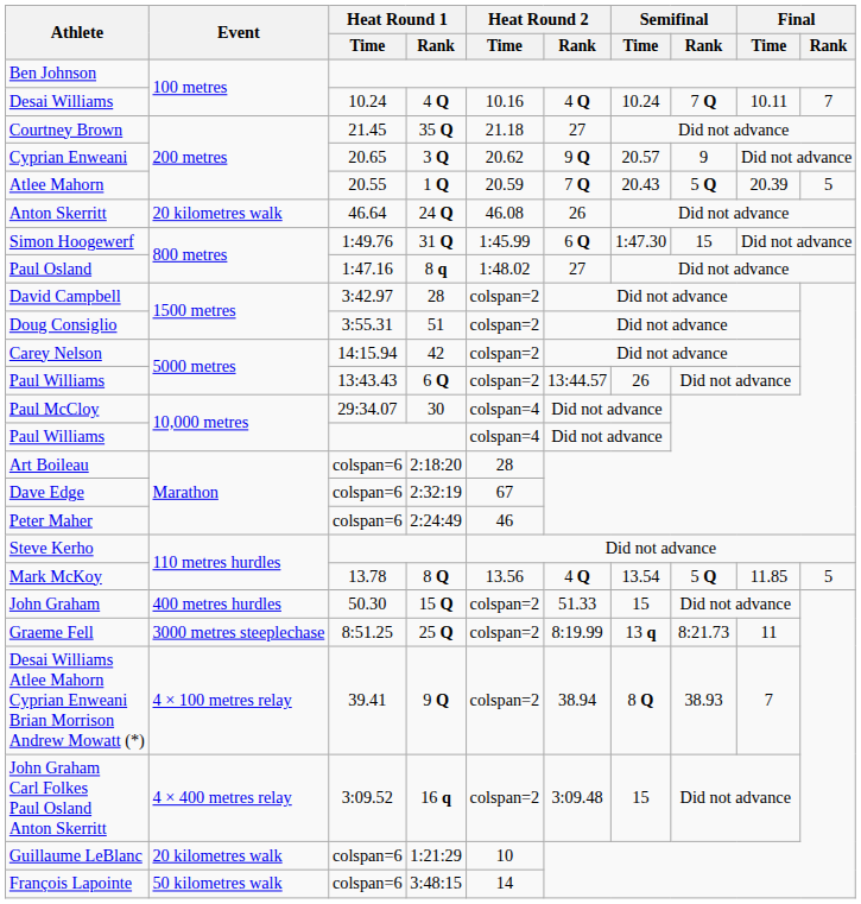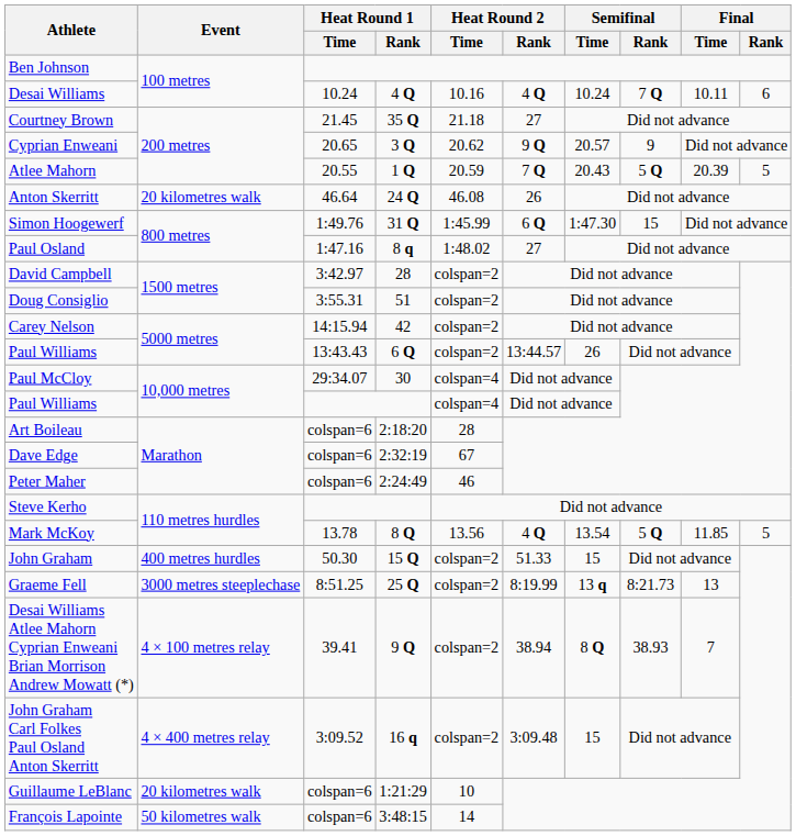 <table class=wikitable style="font-size:90%; text-align:center">
 <tr>
 <th rowspan=2>Athlete</th>
 <th rowspan=2>Event</th>
 <th colspan=2>Heat Round 1</th>
 <th colspan=2>Heat Round 2</th>
 <th colspan=2>Semifinal</th>
 <th colspan=2>Final</th>
 </tr>
 <tr style=font-size:95%>
 <th>Time</th>
 <th>Rank</th>
 <th>Time</th>
 <th>Rank</th>
 <th>Time</th>
 <th>Rank</th>
 <th>Time</th>
 <th>Rank</th>
 </tr>
 <tr align=center>
 <td align=left><a href='#'>Ben Johnson</a></td>
 <td align=left rowspan=2><a href='#'>100 metres</a></td>
 <td colspan=8></td>
 </tr>
 <tr align=center>
 <td align=left><a href='#'>Desai Williams</a></td>
 <td>10.24</td>
 <td>4 <strong>Q</strong></td>
 <td>10.16</td>
 <td>4 <strong>Q</strong></td>
 <td>10.24</td>
 <td>7 <strong>Q</strong></td>
 <td>10.11</td>
-<td>7</td>
+<td>6</td>
 </tr>
 <tr align=center>
 <td align=left><a href='#'>Courtney Brown</a></td>
 <td align=left rowspan=3><a href='#'>200 metres</a></td>
 <td>21.45</td>
 <td>35 <strong>Q</strong></td>
 <td>21.18</td>
 <td>27</td>
 <td colspan=4>Did not advance</td>
 </tr>
 <tr align=center>
 <td align=left><a href='#'>Cyprian Enweani</a></td>
 <td>20.65</td>
 <td>3 <strong>Q</strong></td>
 <td>20.62</td>
 <td>9 <strong>Q</strong></td>
 <td>20.57</td>
 <td>9</td>
 <td colspan=2>Did not advance</td>
 </tr>
 <tr align=center>
 <td align=left><a href='#'>Atlee Mahorn</a></td>
 <td>20.55</td>
 <td>1 <strong>Q</strong></td>
 <td>20.59</td>
 <td>7 <strong>Q</strong></td>
 <td>20.43</td>
 <td>5 <strong>Q</strong></td>
 <td>20.39</td>
 <td>5</td>
 </tr>
 <tr align=center>
 <td align=left><a href='#'>Anton Skerritt</a></td>
 <td align=left><a href='#'>20 kilometres walk</a></td>
 <td>46.64</td>
 <td>24 <strong>Q</strong></td>
 <td>46.08</td>
 <td>26</td>
 <td colspan=4>Did not advance</td>
 </tr>
 <tr align=center>
 <td align=left><a href='#'>Simon Hoogewerf</a></td>
 <td align=left rowspan=2><a href='#'>800 metres</a></td>
 <td>1:49.76</td>
 <td>31 <strong>Q</strong></td>
 <td>1:45.99</td>
 <td>6 <strong>Q</strong></td>
 <td>1:47.30</td>
 <td>15</td>
 <td colspan=2>Did not advance</td>
 </tr>
 <tr align=center>
 <td align=left><a href='#'>Paul Osland</a></td>
 <td>1:47.16</td>
 <td>8 <strong>q</strong></td>
 <td>1:48.02</td>
 <td>27</td>
 <td colspan=4>Did not advance</td>
 </tr>
 <tr align=center>
 <td align=left><a href='#'>David Campbell</a></td>
 <td align=left rowspan=2><a href='#'>1500 metres</a></td>
 <td>3:42.97</td>
 <td>28</td>
 <td>colspan=2</td>
 <td colspan=4>Did not advance</td>
 </tr>
 <tr align=center>
 <td align=left><a href='#'>Doug Consiglio</a></td>
 <td>3:55.31</td>
 <td>51</td>
 <td>colspan=2</td>
 <td colspan=4>Did not advance</td>
 </tr>
 <tr align=center>
 <td align=left><a href='#'>Carey Nelson</a></td>
 <td align=left rowspan=2><a href='#'>5000 metres</a></td>
 <td>14:15.94</td>
 <td>42</td>
 <td>colspan=2</td>
 <td colspan=4>Did not advance</td>
 </tr>
 <tr align=center>
 <td align=left><a href='#'>Paul Williams</a></td>
 <td>13:43.43</td>
 <td>6 <strong>Q</strong></td>
 <td>colspan=2</td>
 <td>13:44.57</td>
 <td>26</td>
 <td colspan=2>Did not advance</td>
 </tr>
 <tr align=center>
 <td align=left><a href='#'>Paul McCloy</a></td>
 <td align=left rowspan=2><a href='#'>10,000 metres</a></td>
 <td>29:34.07</td>
 <td>30</td>
 <td>colspan=4</td>
 <td colspan=2>Did not advance</td>
 </tr>
 <tr align=center>
 <td align=left><a href='#'>Paul Williams</a></td>
 <td colspan=2></td>
 <td>colspan=4</td>
 <td colspan=2>Did not advance</td>
 </tr>
 <tr align=center>
 <td align=left><a href='#'>Art Boileau</a></td>
 <td align=left rowspan=3><a href='#'>Marathon</a></td>
 <td>colspan=6</td>
 <td>2:18:20</td>
 <td>28</td>
 </tr>
 <tr align=center>
 <td align=left><a href='#'>Dave Edge</a></td>
 <td>colspan=6</td>
 <td>2:32:19</td>
 <td>67</td>
 </tr>
 <tr align=center>
 <td align=left><a href='#'>Peter Maher</a></td>
 <td>colspan=6</td>
 <td>2:24:49</td>
 <td>46</td>
 </tr>
 <tr align=center>
 <td align=left><a href='#'>Steve Kerho</a></td>
 <td align=left rowspan=2><a href='#'>110 metres hurdles</a></td>
 <td colspan=2></td>
 <td colspan=6>Did not advance</td>
 </tr>
 <tr align=center>
 <td align=left><a href='#'>Mark McKoy</a></td>
 <td>13.78</td>
 <td>8 <strong>Q</strong></td>
 <td>13.56</td>
 <td>4 <strong>Q</strong></td>
 <td>13.54</td>
 <td>5 <strong>Q</strong></td>
 <td>11.85</td>
 <td>5</td>
 </tr>
 <tr align=center>
 <td align=left><a href='#'>John Graham</a></td>
 <td align=left><a href='#'>400 metres hurdles</a></td>
 <td>50.30</td>
 <td>15 <strong>Q</strong></td>
 <td>colspan=2</td>
 <td>51.33</td>
 <td>15</td>
 <td colspan=2>Did not advance</td>
 </tr>
 <tr align=center>
 <td align=left><a href='#'>Graeme Fell</a></td>
 <td align=left><a href='#'>3000 metres steeplechase</a></td>
 <td>8:51.25</td>
 <td>25 <strong>Q</strong></td>
 <td>colspan=2</td>
 <td>8:19.99</td>
 <td>13 <strong>q</strong></td>
 <td>8:21.73</td>
-<td>11</td>
+<td>13</td>
 </tr>
 <tr align=center>
 <td align=left><a href='#'>Desai Williams</a><br><a href='#'>Atlee Mahorn</a><br><a href='#'>Cyprian Enweani</a><br><a href='#'>Brian Morrison</a><br><a href='#'>Andrew Mowatt</a> (*)</td>
 <td align=left><a href='#'>4 × 100 metres relay</a></td>
 <td>39.41</td>
 <td>9 <strong>Q</strong></td>
 <td>colspan=2</td>
 <td>38.94</td>
 <td>8 <strong>Q</strong></td>
 <td>38.93</td>
 <td>7</td>
 </tr>
 <tr align=center>
 <td align=left><a href='#'>John Graham</a><br><a href='#'>Carl Folkes</a><br><a href='#'>Paul Osland</a><br><a href='#'>Anton Skerritt</a></td>
 <td align=left><a href='#'>4 × 400 metres relay</a></td>
 <td>3:09.52</td>
 <td>16 <strong>q</strong></td>
 <td>colspan=2</td>
 <td>3:09.48</td>
 <td>15</td>
 <td colspan=2>Did not advance</td>
 </tr>
 <tr align=center>
 <td align=left><a href='#'>Guillaume LeBlanc</a></td>
 <td align=left><a href='#'>20 kilometres walk</a></td>
 <td>colspan=6</td>
 <td>1:21:29</td>
 <td>10</td>
 </tr>
 <tr align=center>
 <td align=left><a href='#'>François Lapointe</a></td>
 <td align=left><a href='#'>50 kilometres walk</a></td>
 <td>colspan=6</td>
 <td>3:48:15</td>
 <td>14</td>
 </tr>
 </table>
